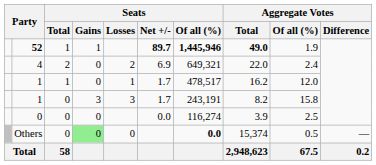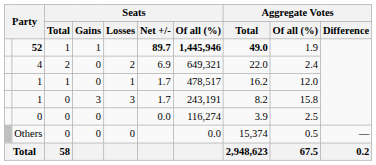 <table class="wikitable sortable" style="text-align:right; font-size:95%;">
 <tr>
 <th colspan="2" rowspan="2">Party</th>
 <th colspan="5">Seats</th>
 <th colspan="3">Aggregate Votes</th>
 </tr>
 <tr>
 <th>Total</th>
 <th>Gains</th>
 <th>Losses</th>
 <th>Net +/-</th>
 <th>Of all (%)</th>
 <th>Total</th>
 <th>Of all (%)</th>
 <th>Difference</th>
 </tr>
 <tr>
 <td></td>
 <td><strong>52</strong></td>
 <td>1</td>
 <td>1</td>
 <td></td>
 <td><strong>89.7</strong></td>
 <td><strong>1,445,946</strong></td>
 <td><strong>49.0</strong></td>
 <td>1.9</td>
 </tr>
 <tr>
 <td></td>
 <td>4</td>
 <td>2</td>
 <td>0</td>
 <td>2</td>
 <td>6.9</td>
 <td>649,321</td>
 <td>22.0</td>
 <td>2.4</td>
 </tr>
 <tr>
 <td></td>
 <td>1</td>
 <td>1</td>
 <td>0</td>
 <td>1</td>
 <td>1.7</td>
 <td>478,517</td>
 <td>16.2</td>
 <td>12.0</td>
 </tr>
 <tr>
 <td></td>
 <td>1</td>
 <td>0</td>
 <td>3</td>
 <td>3</td>
 <td>1.7</td>
 <td>243,191</td>
 <td>8.2</td>
 <td>15.8</td>
 </tr>
 <tr>
 <td></td>
 <td>0</td>
 <td>0</td>
 <td>0</td>
 <td></td>
 <td>0.0</td>
 <td>116,274</td>
 <td>3.9</td>
 <td>2.5</td>
 </tr>
 <tr>
 <td style="background:silver;"> </td>
 <td align=left>Others</td>
 <td>0</td>
-<td style="background: lightgreen;">0</td>
+<td>0</td>
 <td>0</td>
 <td></td>
-<td><strong>0.0</strong></td>
+<td>0.0</td>
 <td>15,374</td>
 <td>0.5</td>
 <td>—</td>
 </tr>
 <tr class="sortbottom">
 <th colspan="2" style="background:#f2f2f2"><strong>Total</strong></th>
 <td style="background:#f2f2f2;"><strong>58</strong></td>
 <td style="background:#f2f2f2;"></td>
 <td style="background:#f2f2f2;"></td>
 <td style="background:#f2f2f2;"></td>
 <td style="background:#f2f2f2;"></td>
 <td style="background:#f2f2f2;"><strong>2,948,623</strong></td>
 <td style="background:#f2f2f2;"><strong>67.5</strong></td>
 <td style="background:#f2f2f2;"><strong>0.2</strong></td>
 </tr>
 </table>
